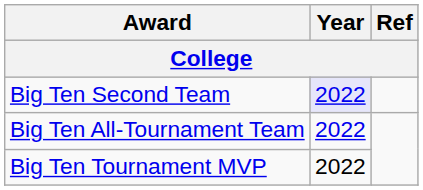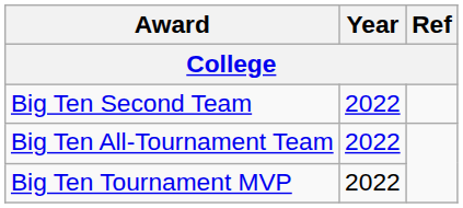 <table class="wikitable">
 <tr>
 <th>Award</th>
 <th>Year</th>
 <th>Ref</th>
 </tr>
 <tr>
 <th colspan="3"><a href='#'>College</a></th>
 </tr>
 <tr>
 <td><a href='#'>Big Ten Second Team</a></td>
-<td style="background: lavender;"><a href='#'>2022</a></td>
+<td><a href='#'>2022</a></td>
 <td></td>
 </tr>
 <tr>
 <td><a href='#'>Big Ten All-Tournament Team</a></td>
 <td><a href='#'>2022</a></td>
 <td rowspan="2"></td>
 </tr>
 <tr>
 <td><a href='#'>Big Ten Tournament MVP</a></td>
 <td>2022</td>
 </tr>
 </table>
